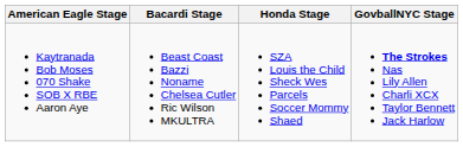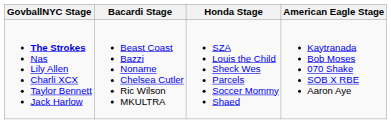 <table class="wikitable">
 <tr>
-<th>American Eagle Stage</th>
+<th>GovballNYC Stage</th>
 <th>Bacardi Stage</th>
 <th>Honda Stage</th>
-<th>GovballNYC Stage</th>
+<th>American Eagle Stage</th>
 </tr>
 <tr valign="top">
-<td><br><ul><li><a href='#'>Kaytranada</a></li><li><a href='#'>Bob Moses</a></li><li><a href='#'>070 Shake</a></li><li><a href='#'>SOB X RBE</a></li><li>Aaron Aye</li></ul></td>
+<td><br><ul><li><strong><a href='#'>The Strokes</a></strong></li><li><a href='#'>Nas</a></li><li><a href='#'>Lily Allen</a></li><li><a href='#'>Charli XCX</a></li><li><a href='#'>Taylor Bennett</a></li><li><a href='#'>Jack Harlow</a></li></ul></td>
 <td><br><ul><li><a href='#'>Beast Coast</a></li><li><a href='#'>Bazzi</a></li><li><a href='#'>Noname</a></li><li><a href='#'>Chelsea Cutler</a></li><li>Ric Wilson</li><li>MKULTRA</li></ul></td>
 <td><br><ul><li><a href='#'>SZA</a></li><li><a href='#'>Louis the Child</a></li><li><a href='#'>Sheck Wes</a></li><li><a href='#'>Parcels</a></li><li><a href='#'>Soccer Mommy</a></li><li><a href='#'>Shaed</a></li></ul></td>
-<td><br><ul><li><strong><a href='#'>The Strokes</a></strong></li><li><a href='#'>Nas</a></li><li><a href='#'>Lily Allen</a></li><li><a href='#'>Charli XCX</a></li><li><a href='#'>Taylor Bennett</a></li><li><a href='#'>Jack Harlow</a></li></ul></td>
+<td><br><ul><li><a href='#'>Kaytranada</a></li><li><a href='#'>Bob Moses</a></li><li><a href='#'>070 Shake</a></li><li><a href='#'>SOB X RBE</a></li><li>Aaron Aye</li></ul></td>
 </tr>
 </table>
